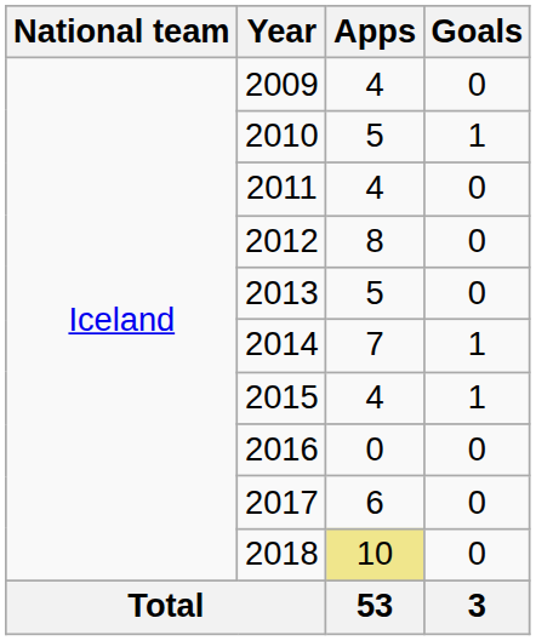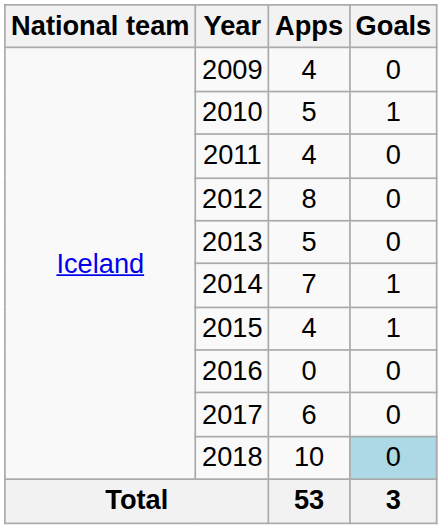 <table class="wikitable" style="text-align:center">
 <tr>
 <th>National team</th>
 <th>Year</th>
 <th>Apps</th>
 <th>Goals</th>
 </tr>
 <tr>
 <td rowspan="10"><a href='#'>Iceland</a></td>
 <td>2009</td>
 <td>4</td>
 <td>0</td>
 </tr>
 <tr>
 <td>2010</td>
 <td>5</td>
 <td>1</td>
 </tr>
 <tr>
 <td>2011</td>
 <td>4</td>
 <td>0</td>
 </tr>
 <tr>
 <td>2012</td>
 <td>8</td>
 <td>0</td>
 </tr>
 <tr>
 <td>2013</td>
 <td>5</td>
 <td>0</td>
 </tr>
 <tr>
 <td>2014</td>
 <td>7</td>
 <td>1</td>
 </tr>
 <tr>
 <td>2015</td>
 <td>4</td>
 <td>1</td>
 </tr>
 <tr>
 <td>2016</td>
 <td>0</td>
 <td>0</td>
 </tr>
 <tr>
 <td>2017</td>
 <td>6</td>
 <td>0</td>
 </tr>
 <tr>
 <td>2018</td>
-<td style="background: khaki;">10</td>
-<td>0</td>
+<td>10</td>
+<td style="background: lightblue;">0</td>
 </tr>
 <tr>
 <th colspan="2">Total</th>
 <th>53</th>
 <th>3</th>
 </tr>
 </table>
